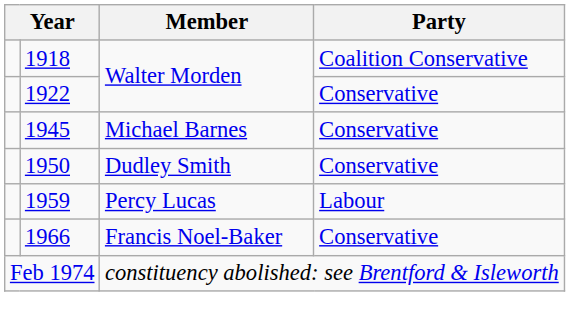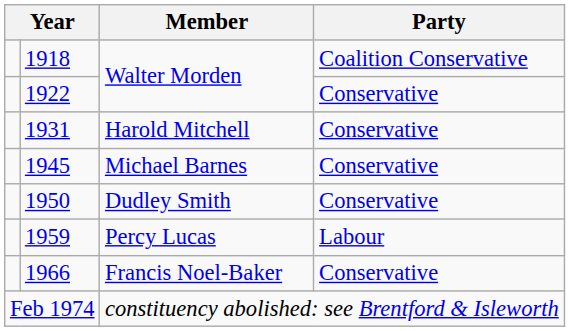 <table class="wikitable">
 <tr>
 <th colspan="2">Year</th>
 <th>Member</th>
 <th>Party</th>
 </tr>
 <tr>
 <td style="color:inherit;background-color: "></td>
 <td><a href='#'>1918</a></td>
 <td rowspan="2"><a href='#'>Walter Morden</a></td>
 <td><a href='#'>Coalition Conservative</a></td>
 </tr>
 <tr>
 <td style="color:inherit;background-color: "></td>
 <td><a href='#'>1922</a></td>
+<td><a href='#'>Conservative</a></td>
+</tr>
+<tr>
+<td style="color:inherit;background-color: "></td>
+<td><a href='#'>1931</a></td>
+<td><a href='#'>Harold Mitchell</a></td>
 <td><a href='#'>Conservative</a></td>
 </tr>
 <tr>
 <td style="color:inherit;background-color: "></td>
 <td><a href='#'>1945</a></td>
 <td><a href='#'>Michael Barnes</a></td>
 <td><a href='#'>Conservative</a></td>
 </tr>
 <tr>
 <td style="color:inherit;background-color: "></td>
 <td><a href='#'>1950</a></td>
 <td><a href='#'>Dudley Smith</a></td>
 <td><a href='#'>Conservative</a></td>
 </tr>
 <tr>
 <td style="color:inherit;background-color: "></td>
 <td><a href='#'>1959</a></td>
 <td><a href='#'>Percy Lucas</a></td>
 <td><a href='#'>Labour</a></td>
 </tr>
 <tr>
 <td style="color:inherit;background-color: "></td>
 <td><a href='#'>1966</a></td>
 <td><a href='#'>Francis Noel-Baker</a></td>
 <td><a href='#'>Conservative</a></td>
 </tr>
 <tr>
 <td colspan="2" align="right"><a href='#'>Feb 1974</a></td>
 <td colspan="2"><em>constituency abolished: see <a href='#'>Brentford & Isleworth</a></em></td>
 </tr>
 </table>
